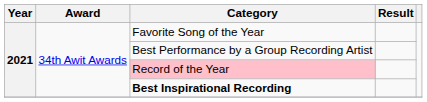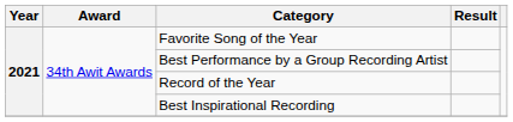 <table class="wikitable">
 <tr>
 <th>Year</th>
 <th>Award</th>
 <th>Category</th>
 <th>Result</th>
 <th></th>
 </tr>
 <tr>
 <th rowspan="4">2021</th>
 <td rowspan="4"><a href='#'>34th Awit Awards</a></td>
 <td>Favorite Song of the Year</td>
 <td></td>
 <td rowspan="4"></td>
 </tr>
 <tr>
 <td>Best Performance by a Group Recording Artist</td>
 <td></td>
 </tr>
 <tr>
-<td style="background: pink;">Record of the Year</td>
+<td>Record of the Year</td>
 <td></td>
 </tr>
 <tr>
-<td><strong>Best Inspirational Recording</strong></td>
+<td>Best Inspirational Recording</td>
 <td></td>
 </tr>
 <tr>
 </tr>
 </table>
